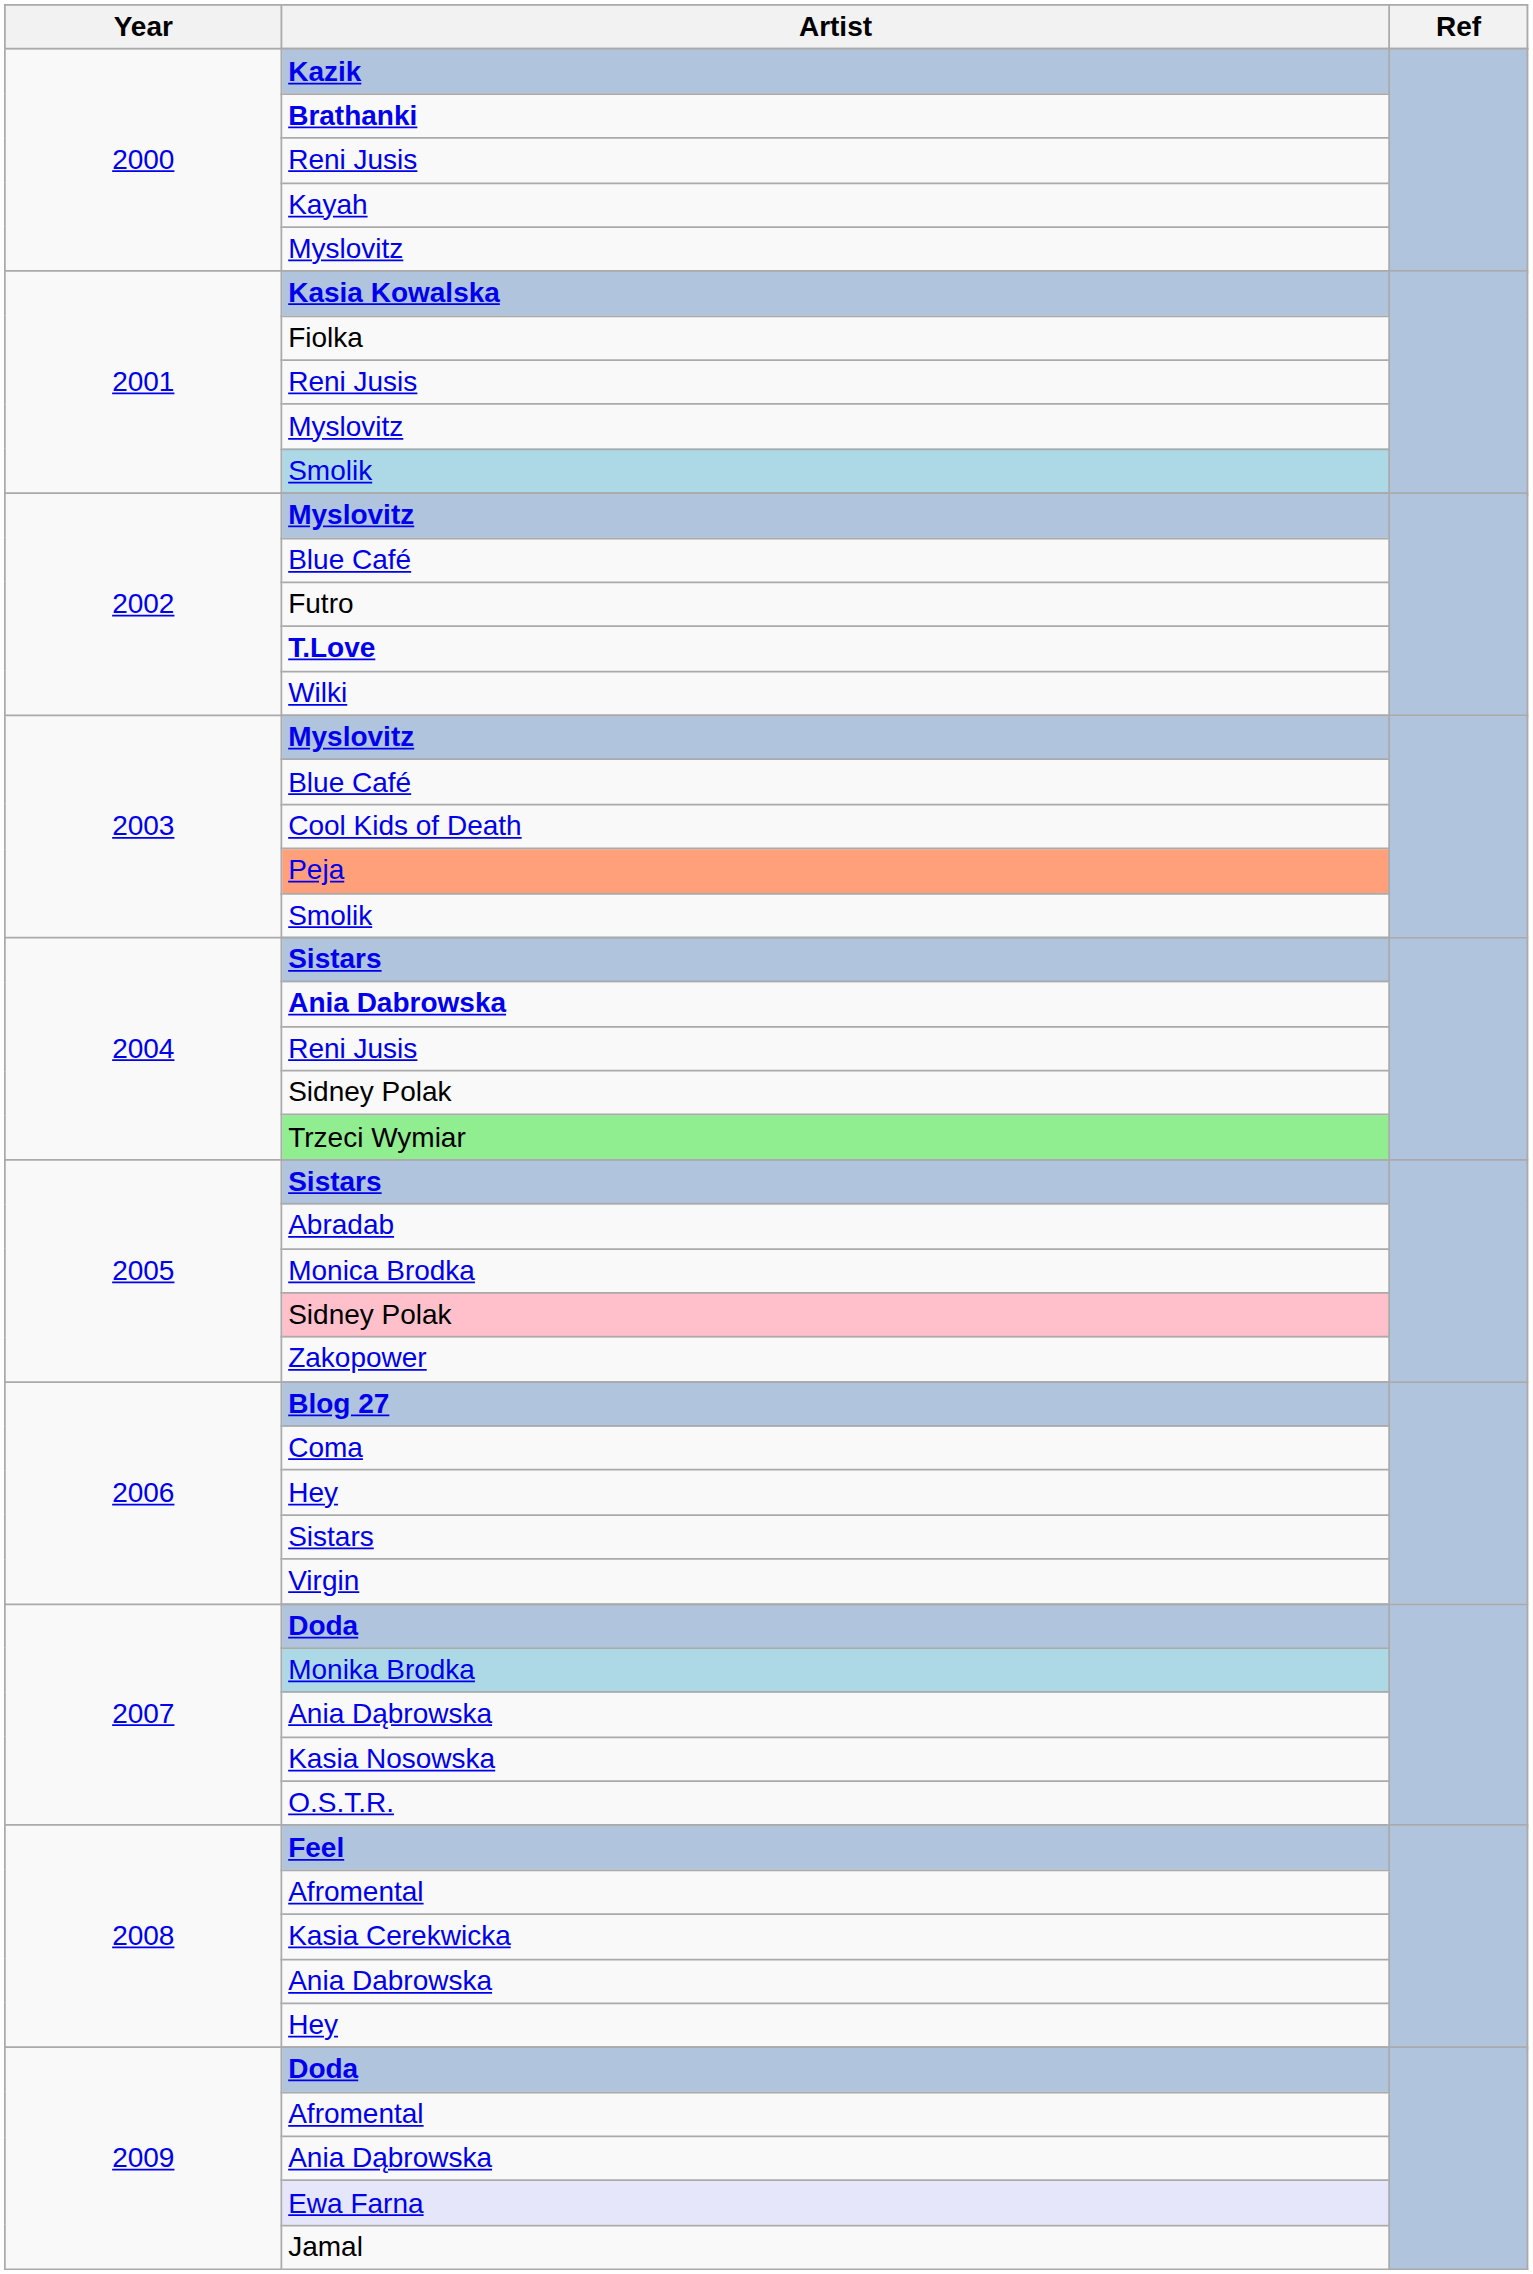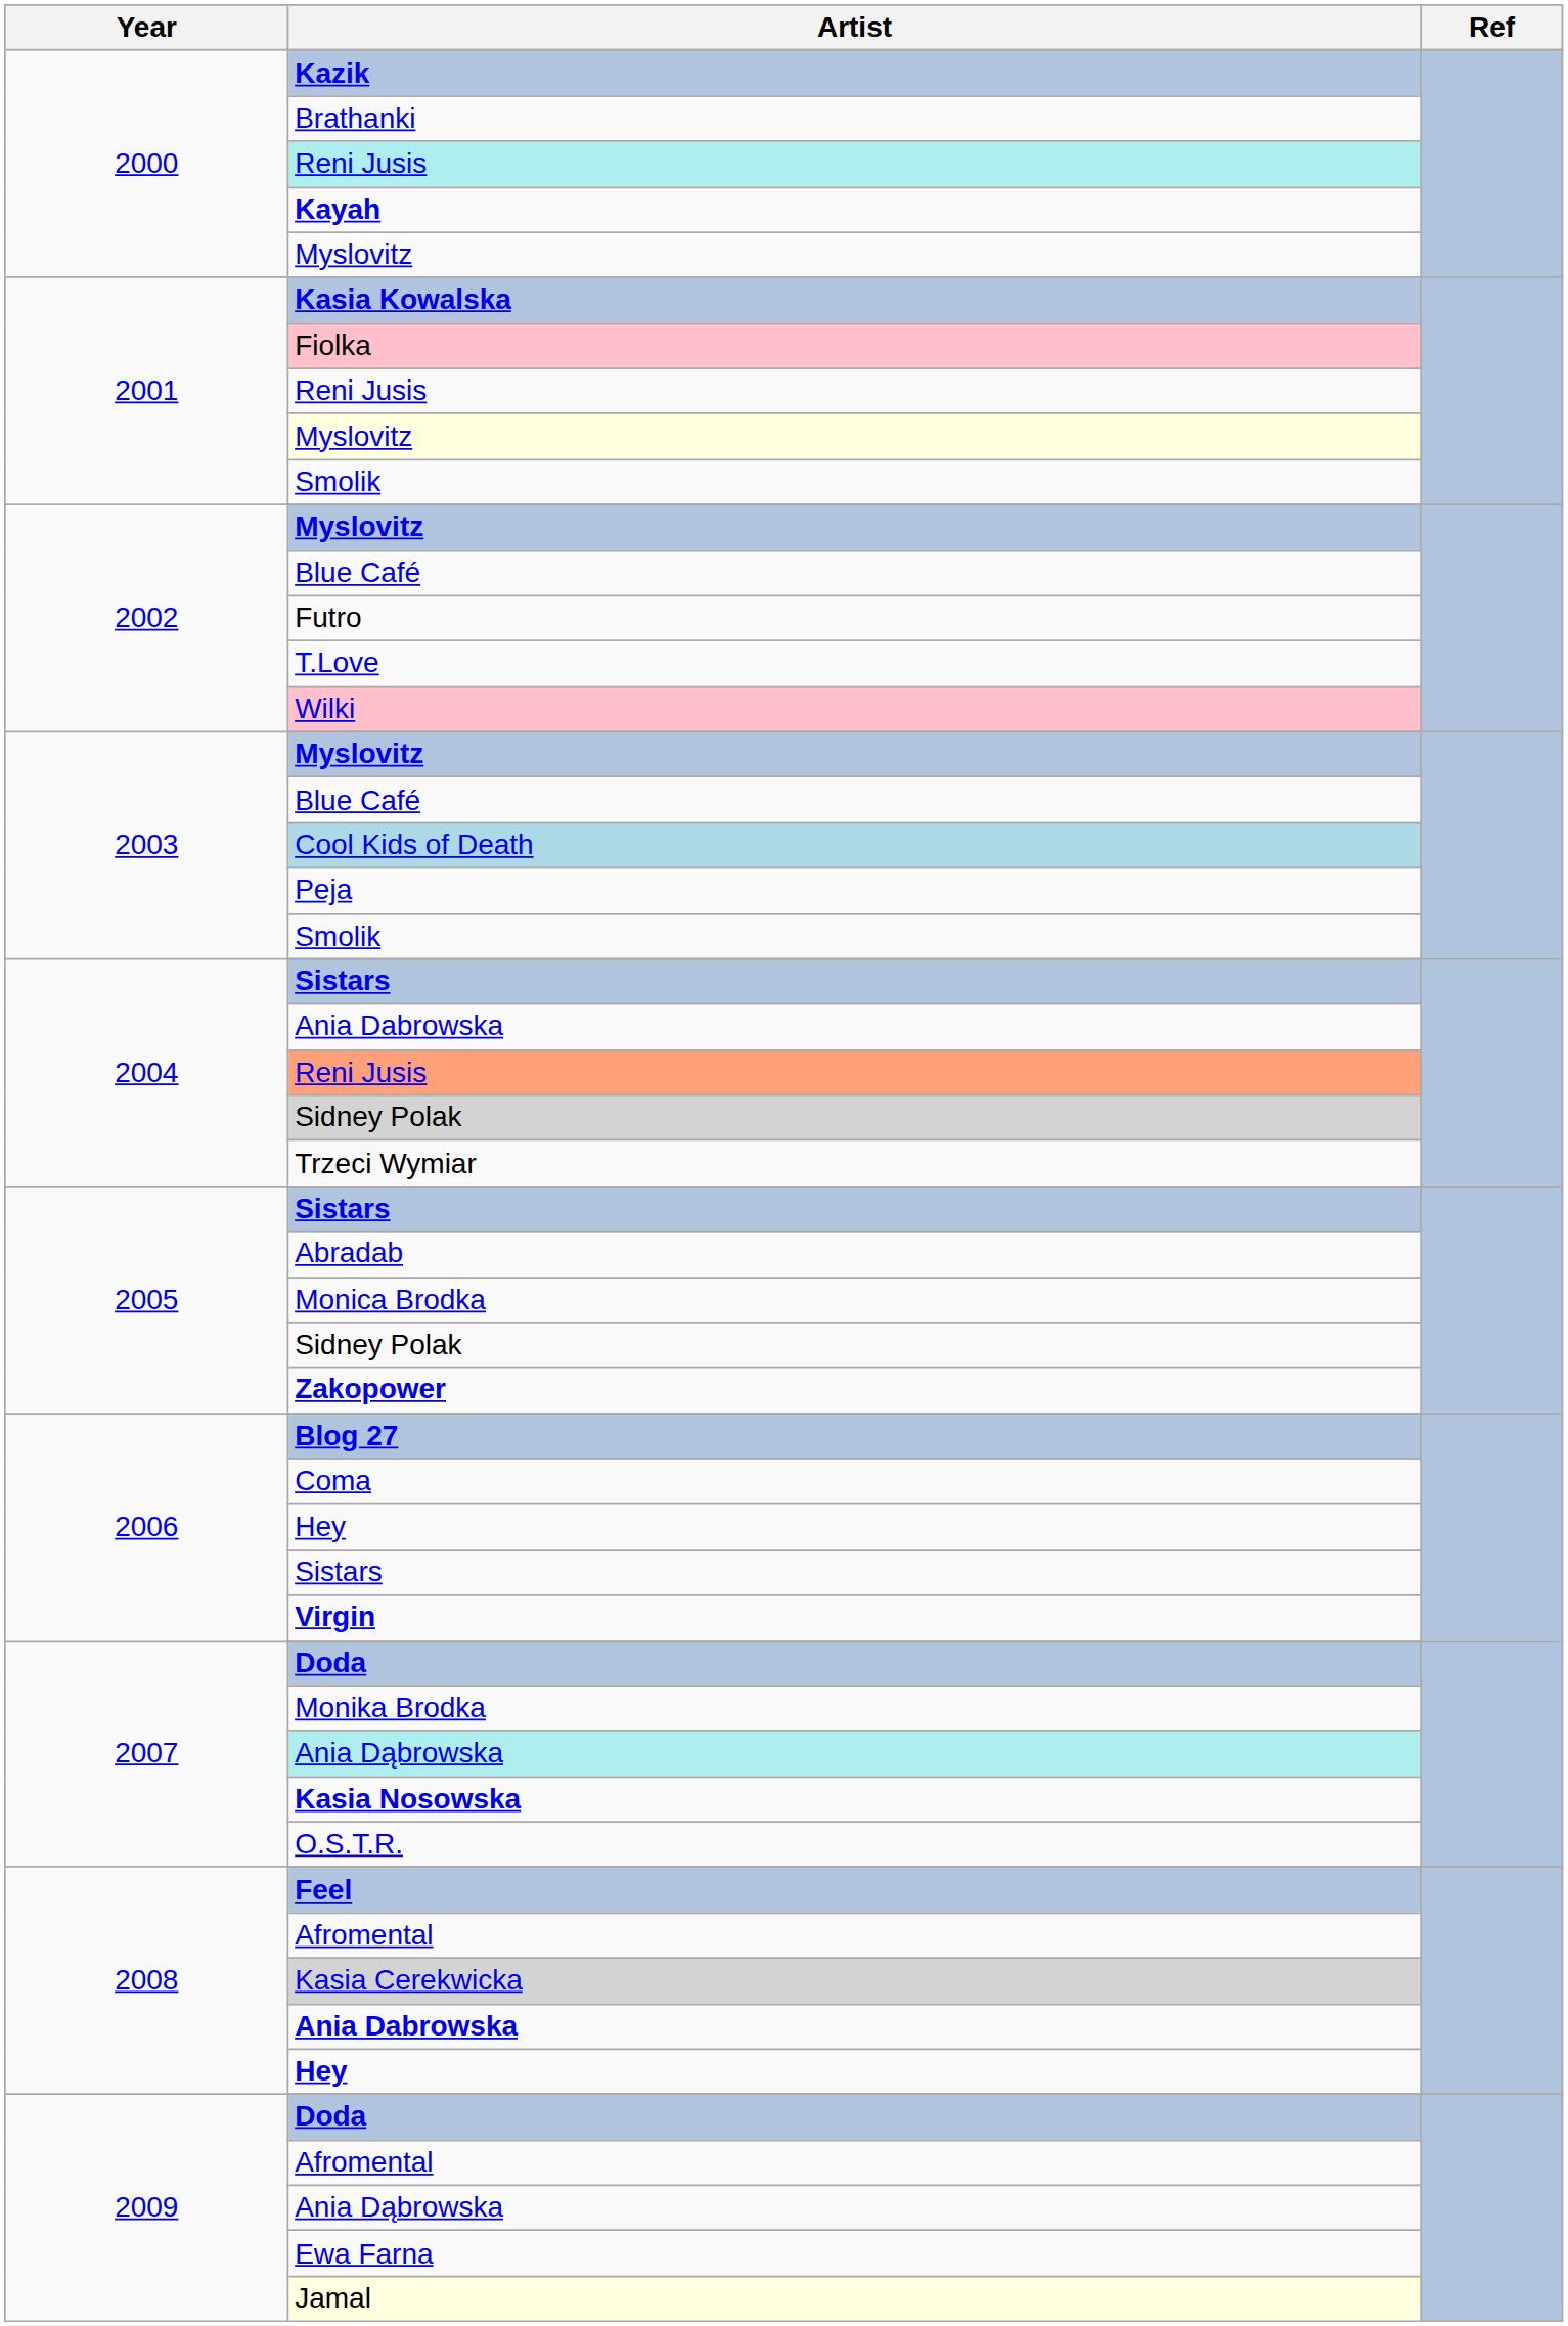 <table class="wikitable" style="width:55%;">
 <tr style="background:#bebebe;">
 <th style="width:10%;">Year</th>
 <th style="width:40%;">Artist</th>
 <th style="width:5%;">Ref</th>
 </tr>
 <tr>
 <td rowspan="6" align="center"><a href='#'>2000</a></td>
 </tr>
 <tr style="background:#B0C4DE">
 <td><strong><a href='#'>Kazik</a></strong></td>
 <td rowspan="6" align="center"></td>
 </tr>
 <tr>
-<td><strong><a href='#'>Brathanki</a></strong></td>
+<td><a href='#'>Brathanki</a></td>
 </tr>
 <tr>
-<td><a href='#'>Reni Jusis</a></td>
+<td style="background: paleturquoise;"><a href='#'>Reni Jusis</a></td>
 </tr>
 <tr>
-<td><a href='#'>Kayah</a></td>
+<td><strong><a href='#'>Kayah</a></strong></td>
 </tr>
 <tr>
 <td><a href='#'>Myslovitz</a></td>
 </tr>
 <tr>
 <td rowspan="6" align="center"><a href='#'>2001</a></td>
 </tr>
 <tr style="background:#B0C4DE">
 <td><strong><a href='#'>Kasia Kowalska</a></strong></td>
 <td rowspan="6" align="center"></td>
 </tr>
 <tr>
-<td>Fiolka</td>
+<td style="background: pink;">Fiolka</td>
 </tr>
 <tr>
 <td><a href='#'>Reni Jusis</a></td>
 </tr>
 <tr>
-<td><a href='#'>Myslovitz</a></td>
+<td style="background: lightyellow;"><a href='#'>Myslovitz</a></td>
 </tr>
 <tr>
-<td style="background: lightblue;"><a href='#'>Smolik</a></td>
+<td><a href='#'>Smolik</a></td>
 </tr>
 <tr>
 <td rowspan="6" align="center"><a href='#'>2002</a></td>
 </tr>
 <tr style="background:#B0C4DE">
 <td><strong><a href='#'>Myslovitz</a></strong></td>
 <td rowspan="6" align="center"></td>
 </tr>
 <tr>
 <td><a href='#'>Blue Café</a></td>
 </tr>
 <tr>
 <td>Futro</td>
 </tr>
 <tr>
-<td><strong><a href='#'>T.Love</a></strong></td>
+<td><a href='#'>T.Love</a></td>
 </tr>
 <tr>
-<td><a href='#'>Wilki</a></td>
+<td style="background: pink;"><a href='#'>Wilki</a></td>
 </tr>
 <tr>
 <td rowspan="6" align="center"><a href='#'>2003</a></td>
 </tr>
 <tr style="background:#B0C4DE">
 <td><strong><a href='#'>Myslovitz</a></strong></td>
 <td rowspan="6" align="center"></td>
 </tr>
 <tr>
 <td><a href='#'>Blue Café</a></td>
 </tr>
 <tr>
-<td><a href='#'>Cool Kids of Death</a></td>
+<td style="background: lightblue;"><a href='#'>Cool Kids of Death</a></td>
 </tr>
 <tr>
-<td style="background: lightsalmon;"><a href='#'>Peja</a></td>
+<td><a href='#'>Peja</a></td>
 </tr>
 <tr>
 <td><a href='#'>Smolik</a></td>
 </tr>
 <tr>
 <td rowspan="6" align="center"><a href='#'>2004</a></td>
 </tr>
 <tr style="background:#B0C4DE">
 <td><strong><a href='#'>Sistars</a></strong></td>
 <td rowspan="6" align="center"></td>
 </tr>
 <tr>
-<td><strong><a href='#'>Ania Dabrowska</a></strong></td>
+<td><a href='#'>Ania Dabrowska</a></td>
 </tr>
 <tr>
-<td><a href='#'>Reni Jusis</a></td>
+<td style="background: lightsalmon;"><a href='#'>Reni Jusis</a></td>
 </tr>
 <tr>
-<td>Sidney Polak</td>
+<td style="background: lightgrey;">Sidney Polak</td>
 </tr>
 <tr>
-<td style="background: lightgreen;">Trzeci Wymiar</td>
+<td>Trzeci Wymiar</td>
 </tr>
 <tr>
 <td rowspan="6" align="center"><a href='#'>2005</a></td>
 </tr>
 <tr style="background:#B0C4DE">
 <td><strong><a href='#'>Sistars</a></strong></td>
 <td rowspan="6" align="center"></td>
 </tr>
 <tr>
 <td><a href='#'>Abradab</a></td>
 </tr>
 <tr>
 <td><a href='#'>Monica Brodka</a></td>
 </tr>
 <tr>
-<td style="background: pink;">Sidney Polak</td>
+<td>Sidney Polak</td>
 </tr>
 <tr>
-<td><a href='#'>Zakopower</a></td>
+<td><strong><a href='#'>Zakopower</a></strong></td>
 </tr>
 <tr>
 <td rowspan="6" align="center"><a href='#'>2006</a></td>
 </tr>
 <tr style="background:#B0C4DE">
 <td><strong><a href='#'>Blog 27</a></strong></td>
 <td rowspan="6" align="center"></td>
 </tr>
 <tr>
 <td><a href='#'>Coma</a></td>
 </tr>
 <tr>
 <td><a href='#'>Hey</a></td>
 </tr>
 <tr>
 <td><a href='#'>Sistars</a></td>
 </tr>
 <tr>
-<td><a href='#'>Virgin</a></td>
+<td><strong><a href='#'>Virgin</a></strong></td>
 </tr>
 <tr>
 <td rowspan="6" align="center"><a href='#'>2007</a></td>
 </tr>
 <tr style="background:#B0C4DE">
 <td><strong><a href='#'>Doda</a></strong></td>
 <td rowspan="6" align="center"></td>
 </tr>
 <tr>
-<td style="background: lightblue;"><a href='#'>Monika Brodka</a></td>
+<td><a href='#'>Monika Brodka</a></td>
 </tr>
 <tr>
-<td><a href='#'>Ania Dąbrowska</a></td>
+<td style="background: paleturquoise;"><a href='#'>Ania Dąbrowska</a></td>
 </tr>
 <tr>
-<td><a href='#'>Kasia Nosowska</a></td>
+<td><strong><a href='#'>Kasia Nosowska</a></strong></td>
 </tr>
 <tr>
 <td><a href='#'>O.S.T.R.</a></td>
 </tr>
 <tr>
 <td rowspan="6" align="center"><a href='#'>2008</a></td>
 </tr>
 <tr style="background:#B0C4DE">
 <td><strong><a href='#'>Feel</a></strong></td>
 <td rowspan="6" align="center"></td>
 </tr>
 <tr>
 <td><a href='#'>Afromental</a></td>
 </tr>
 <tr>
-<td><a href='#'>Kasia Cerekwicka</a></td>
+<td style="background: lightgrey;"><a href='#'>Kasia Cerekwicka</a></td>
 </tr>
 <tr>
-<td><a href='#'>Ania Dabrowska</a></td>
+<td><strong><a href='#'>Ania Dabrowska</a></strong></td>
 </tr>
 <tr>
-<td><a href='#'>Hey</a></td>
+<td><strong><a href='#'>Hey</a></strong></td>
 </tr>
 <tr>
 <td rowspan="6" align="center"><a href='#'>2009</a></td>
 </tr>
 <tr style="background:#B0C4DE">
 <td><strong><a href='#'>Doda</a></strong></td>
 <td rowspan="6" align="center"></td>
 </tr>
 <tr>
 <td><a href='#'>Afromental</a></td>
 </tr>
 <tr>
 <td><a href='#'>Ania Dąbrowska</a></td>
 </tr>
 <tr>
-<td style="background: lavender;"><a href='#'>Ewa Farna</a></td>
+<td><a href='#'>Ewa Farna</a></td>
 </tr>
 <tr>
-<td>Jamal</td>
+<td style="background: lightyellow;">Jamal</td>
 </tr>
 </table>
